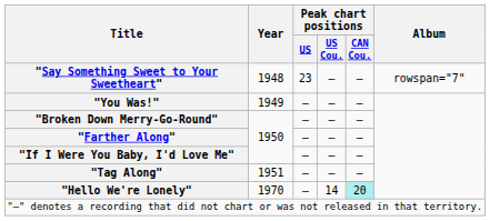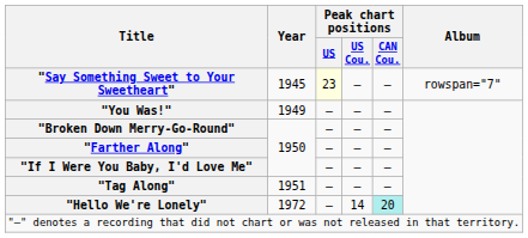 <table class="wikitable plainrowheaders" style="text-align:center;" border="1">
 <tr>
 <th scope="col" rowspan="2" style="width:22em;">Title</th>
 <th scope="col" rowspan="2">Year</th>
 <th scope="col" colspan="3">Peak chart positions</th>
 <th scope="col" rowspan="2">Album</th>
 </tr>
 <tr>
 <th scope="col" style="width:2em;font-size:90%;"><a href='#'>US</a><br></th>
 <th scope="col" style="width:2em;font-size:90%;"><a href='#'>US<br>Cou.</a><br></th>
 <th scope="col" style="width:2em;font-size:90%;"><a href='#'>CAN<br>Cou.</a><br></th>
 </tr>
 <tr>
 <th scope="row">"<a href='#'>Say Something Sweet to Your Sweetheart</a>"<br></th>
-<td>1948</td>
-<td>23</td>
+<td>1945</td>
+<td style="background: lightyellow;">23</td>
 <td>—</td>
 <td>—</td>
 <td>rowspan="7" </td>
 </tr>
 <tr>
 <th scope="row">"You Was!"<br></th>
 <td>1949</td>
 <td>—</td>
 <td>—</td>
 <td>—</td>
 </tr>
 <tr>
 <th scope="row">"Broken Down Merry-Go-Round"<br></th>
 <td rowspan="3">1950</td>
 <td>—</td>
 <td>—</td>
 <td>—</td>
 </tr>
 <tr>
 <th scope="row">"<a href='#'>Farther Along</a>"<br></th>
 <td>—</td>
 <td>—</td>
 <td>—</td>
 </tr>
 <tr>
 <th scope="row">"If I Were You Baby, I'd Love Me"<br></th>
 <td>—</td>
 <td>—</td>
 <td>—</td>
 </tr>
 <tr>
 <th scope="row">"Tag Along"<br></th>
 <td>1951</td>
 <td>—</td>
 <td>—</td>
 <td>—</td>
 </tr>
 <tr>
 <th scope="row">"Hello We're Lonely"<br></th>
-<td>1970</td>
+<td>1972</td>
 <td>—</td>
 <td>14</td>
 <td style="background: paleturquoise;">20</td>
 </tr>
 <tr>
 <td colspan="6" style="font-size:90%">"—" denotes a recording that did not chart or was not released in that territory.</td>
 </tr>
 </table>
